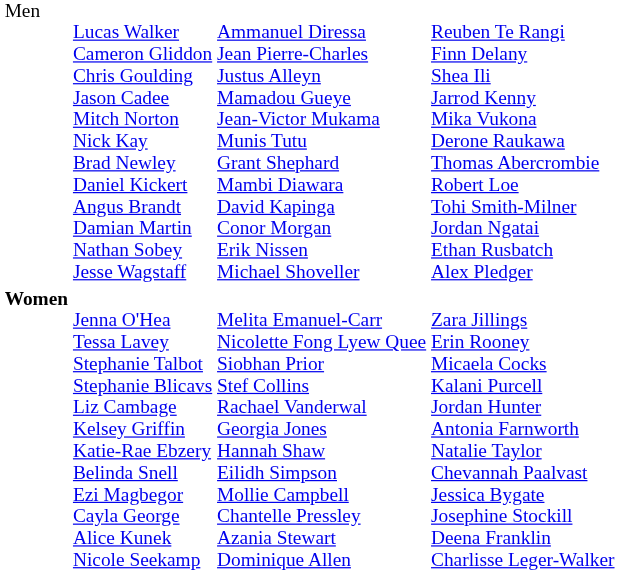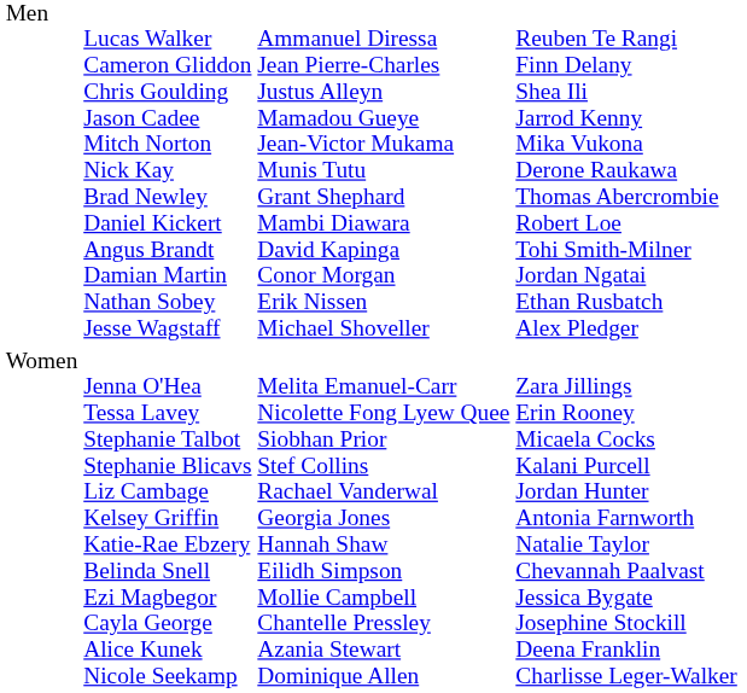 <table>
 <tr valign="top">
 <td>Men<br></td>
 <td><br><a href='#'>Lucas Walker</a><br><a href='#'>Cameron Gliddon</a><br><a href='#'>Chris Goulding</a><br><a href='#'>Jason Cadee</a><br><a href='#'>Mitch Norton</a><br><a href='#'>Nick Kay</a><br><a href='#'>Brad Newley</a><br><a href='#'>Daniel Kickert</a><br><a href='#'>Angus Brandt</a><br><a href='#'>Damian Martin</a><br><a href='#'>Nathan Sobey</a><br><a href='#'>Jesse Wagstaff</a></td>
 <td><br><a href='#'>Ammanuel Diressa</a><br><a href='#'>Jean Pierre-Charles</a><br><a href='#'>Justus Alleyn</a><br><a href='#'>Mamadou Gueye</a><br><a href='#'>Jean-Victor Mukama</a><br><a href='#'>Munis Tutu</a><br><a href='#'>Grant Shephard</a><br><a href='#'>Mambi Diawara</a><br><a href='#'>David Kapinga</a><br><a href='#'>Conor Morgan</a><br><a href='#'>Erik Nissen</a><br><a href='#'>Michael Shoveller</a></td>
 <td><br><a href='#'>Reuben Te Rangi</a><br><a href='#'>Finn Delany</a><br><a href='#'>Shea Ili</a><br><a href='#'>Jarrod Kenny</a><br><a href='#'>Mika Vukona</a><br><a href='#'>Derone Raukawa</a><br><a href='#'>Thomas Abercrombie</a><br><a href='#'>Robert Loe</a><br><a href='#'>Tohi Smith-Milner</a><br><a href='#'>Jordan Ngatai</a><br><a href='#'>Ethan Rusbatch</a><br><a href='#'>Alex Pledger</a></td>
 </tr>
 <tr valign="top">
-<td><strong>Women<br></strong></td>
+<td>Women<br></td>
 <td><br><a href='#'>Jenna O'Hea</a><br><a href='#'>Tessa Lavey</a><br><a href='#'>Stephanie Talbot</a><br><a href='#'>Stephanie Blicavs</a><br><a href='#'>Liz Cambage</a><br><a href='#'>Kelsey Griffin</a><br><a href='#'>Katie-Rae Ebzery</a><br><a href='#'>Belinda Snell</a><br><a href='#'>Ezi Magbegor</a><br><a href='#'>Cayla George</a><br><a href='#'>Alice Kunek</a><br><a href='#'>Nicole Seekamp</a></td>
 <td><br><a href='#'>Melita Emanuel-Carr</a><br><a href='#'>Nicolette Fong Lyew Quee</a><br><a href='#'>Siobhan Prior</a><br><a href='#'>Stef Collins</a><br><a href='#'>Rachael Vanderwal</a><br><a href='#'>Georgia Jones</a><br><a href='#'>Hannah Shaw</a><br><a href='#'>Eilidh Simpson</a><br><a href='#'>Mollie Campbell</a><br><a href='#'>Chantelle Pressley</a><br><a href='#'>Azania Stewart</a><br><a href='#'>Dominique Allen</a></td>
 <td><br><a href='#'>Zara Jillings</a><br><a href='#'>Erin Rooney</a><br><a href='#'>Micaela Cocks</a><br><a href='#'>Kalani Purcell</a><br><a href='#'>Jordan Hunter</a><br><a href='#'>Antonia Farnworth</a><br><a href='#'>Natalie Taylor</a><br><a href='#'>Chevannah Paalvast</a><br><a href='#'>Jessica Bygate</a><br><a href='#'>Josephine Stockill</a><br><a href='#'>Deena Franklin</a><br><a href='#'>Charlisse Leger-Walker</a></td>
 </tr>
 </table>
